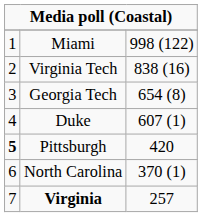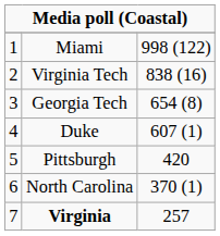 <table class="wikitable">
 <tr align="center">
 <td align="center" Colspan="3"><strong>Media poll (Coastal)</strong></td>
 </tr>
 <tr align="center">
 </tr>
 <tr align="center">
 <td>1</td>
 <td>Miami</td>
 <td>998 (122)</td>
 </tr>
 <tr align="center">
 <td>2</td>
 <td>Virginia Tech</td>
 <td>838 (16)</td>
 </tr>
 <tr align="center">
 <td>3</td>
 <td>Georgia Tech</td>
 <td>654 (8)</td>
 </tr>
 <tr align="center">
 <td>4</td>
 <td>Duke</td>
 <td>607 (1)</td>
 </tr>
 <tr align="center">
-<td><strong>5</strong></td>
+<td>5</td>
 <td>Pittsburgh</td>
 <td>420</td>
 </tr>
 <tr align="center">
 <td>6</td>
 <td>North Carolina</td>
 <td>370 (1)</td>
 </tr>
 <tr align="center">
 <td>7</td>
 <td><strong>Virginia</strong></td>
 <td>257</td>
 </tr>
 </table>
